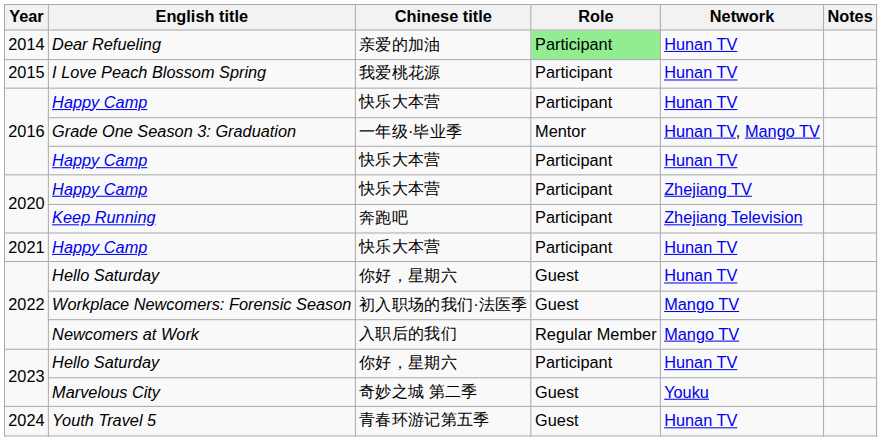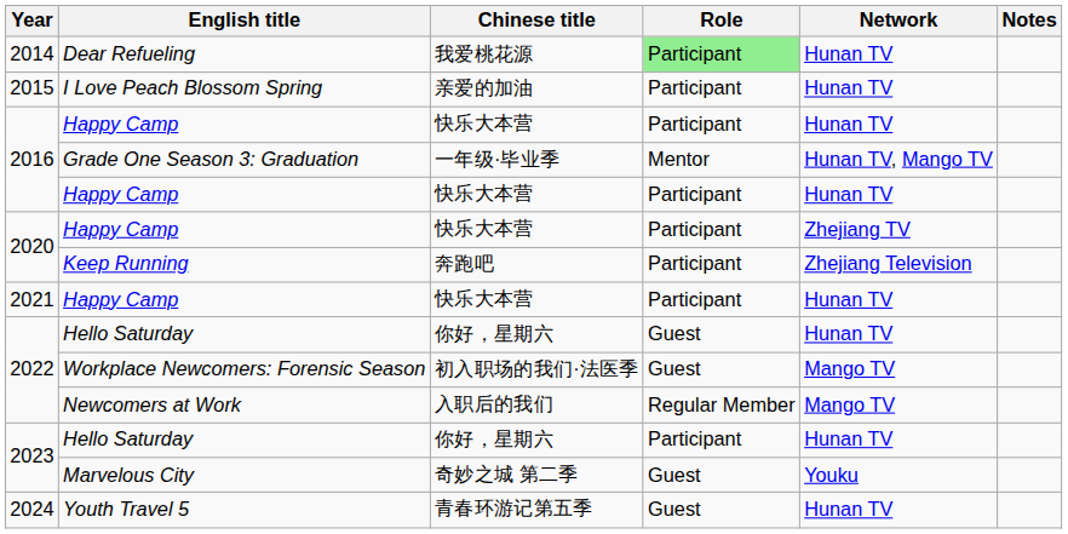 <table class="wikitable">
 <tr>
 <th>Year</th>
 <th>English title</th>
 <th>Chinese title</th>
 <th>Role</th>
 <th>Network</th>
 <th>Notes</th>
 </tr>
 <tr>
 <td>2014</td>
 <td><em>Dear Refueling</em></td>
-<td>亲爱的加油</td>
+<td>我爱桃花源</td>
 <td style="background: lightgreen;">Participant</td>
 <td><a href='#'>Hunan TV</a></td>
 <td></td>
 </tr>
 <tr>
 <td>2015</td>
 <td><em>I Love Peach Blossom Spring</em></td>
-<td>我爱桃花源</td>
+<td>亲爱的加油</td>
 <td>Participant</td>
 <td><a href='#'>Hunan TV</a></td>
 <td></td>
 </tr>
 <tr>
 <td rowspan=3>2016</td>
 <td><em><a href='#'>Happy Camp</a></em></td>
 <td>快乐大本营</td>
 <td>Participant</td>
 <td><a href='#'>Hunan TV</a></td>
 <td></td>
 </tr>
 <tr>
 <td><em>Grade One Season 3: Graduation</em></td>
 <td>一年级·毕业季</td>
 <td>Mentor</td>
 <td><a href='#'>Hunan TV</a>, <a href='#'>Mango TV</a></td>
 <td><br>    </td>
 </tr>
 <tr>
 <td><em><a href='#'>Happy Camp</a></em></td>
 <td>快乐大本营</td>
 <td>Participant</td>
 <td><a href='#'>Hunan TV</a></td>
 <td></td>
 </tr>
 <tr>
 <td rowspan=2>2020</td>
 <td><em><a href='#'>Happy Camp</a></em></td>
 <td>快乐大本营</td>
 <td>Participant</td>
 <td><a href='#'>Zhejiang TV</a></td>
 <td></td>
 </tr>
 <tr>
 <td><em><a href='#'>Keep Running</a></em></td>
 <td>奔跑吧</td>
 <td>Participant</td>
 <td><a href='#'>Zhejiang Television</a></td>
 <td></td>
 </tr>
 <tr>
 <td>2021</td>
 <td><em><a href='#'>Happy Camp</a></em></td>
 <td>快乐大本营</td>
 <td>Participant</td>
 <td><a href='#'>Hunan TV</a></td>
 <td></td>
 </tr>
 <tr>
 <td rowspan=3>2022</td>
 <td><em>Hello Saturday</em></td>
 <td>你好，星期六</td>
 <td>Guest</td>
 <td><a href='#'>Hunan TV</a></td>
 <td><br></td>
 </tr>
 <tr>
 <td><em>Workplace Newcomers: Forensic Season</em></td>
 <td>初入职场的我们·法医季</td>
 <td>Guest</td>
 <td><a href='#'>Mango TV</a></td>
 <td><br></td>
 </tr>
 <tr>
 <td><em>Newcomers at Work</em></td>
 <td>入职后的我们</td>
 <td>Regular Member</td>
 <td><a href='#'>Mango TV</a></td>
 <td></td>
 </tr>
 <tr>
 <td rowspan=2>2023</td>
 <td><em>Hello Saturday</em></td>
 <td>你好，星期六</td>
 <td>Participant</td>
 <td><a href='#'>Hunan TV</a></td>
 <td></td>
 </tr>
 <tr>
 <td><em>Marvelous City</em></td>
 <td>奇妙之城 第二季</td>
 <td>Guest</td>
 <td><a href='#'>Youku</a></td>
 <td><br></td>
 </tr>
 <tr>
 <td>2024</td>
 <td><em>Youth Travel 5</em></td>
 <td>青春环游记第五季</td>
 <td>Guest</td>
 <td><a href='#'>Hunan TV</a></td>
 <td></td>
 </tr>
 </table>
